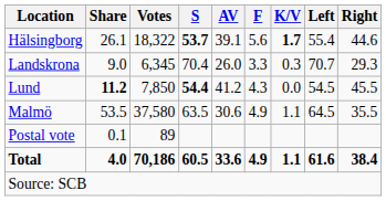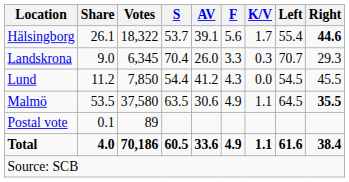 <table class="wikitable sortable" style=text-align:right>
 <tr>
 <th>Location</th>
 <th>Share</th>
 <th>Votes</th>
 <th><a href='#'>S</a></th>
 <th><a href='#'>AV</a></th>
 <th><a href='#'>F</a></th>
 <th><a href='#'>K/V</a></th>
 <th>Left</th>
 <th>Right</th>
 </tr>
 <tr>
 <td align=left><a href='#'>Hälsingborg</a></td>
 <td>26.1</td>
 <td>18,322</td>
-<td><strong>53.7</strong></td>
+<td>53.7</td>
 <td>39.1</td>
 <td>5.6</td>
-<td><strong>1.7</strong></td>
+<td>1.7</td>
 <td>55.4</td>
-<td>44.6</td>
+<td><strong>44.6</strong></td>
 </tr>
 <tr>
 <td align=left><a href='#'>Landskrona</a></td>
 <td>9.0</td>
 <td>6,345</td>
 <td>70.4</td>
 <td>26.0</td>
 <td>3.3</td>
 <td>0.3</td>
 <td>70.7</td>
 <td>29.3</td>
 </tr>
 <tr>
 <td align=left><a href='#'>Lund</a></td>
-<td><strong>11.2</strong></td>
+<td>11.2</td>
 <td>7,850</td>
-<td><strong>54.4</strong></td>
+<td>54.4</td>
 <td>41.2</td>
 <td>4.3</td>
 <td>0.0</td>
 <td>54.5</td>
 <td>45.5</td>
 </tr>
 <tr>
 <td align=left><a href='#'>Malmö</a></td>
 <td>53.5</td>
 <td>37,580</td>
 <td>63.5</td>
 <td>30.6</td>
 <td>4.9</td>
 <td>1.1</td>
 <td>64.5</td>
-<td>35.5</td>
+<td><strong>35.5</strong></td>
 </tr>
 <tr>
 <td align=left><a href='#'>Postal vote</a></td>
 <td>0.1</td>
 <td>89</td>
 <td></td>
 <td></td>
 <td></td>
 <td></td>
 <td></td>
 <td></td>
 </tr>
 <tr>
 <td align=left><strong>Total</strong></td>
 <td><strong>4.0</strong></td>
 <td><strong>70,186</strong></td>
 <td><strong>60.5</strong></td>
 <td><strong>33.6</strong></td>
 <td><strong>4.9</strong></td>
 <td><strong>1.1</strong></td>
 <td><strong>61.6</strong></td>
 <td><strong>38.4</strong></td>
 </tr>
 <tr>
 <td align=left colspan=9>Source: SCB </td>
 </tr>
 </table>
